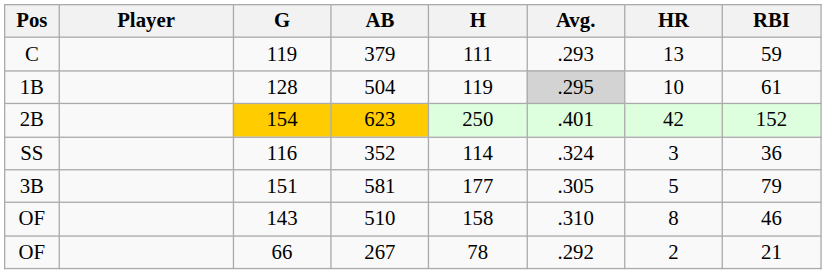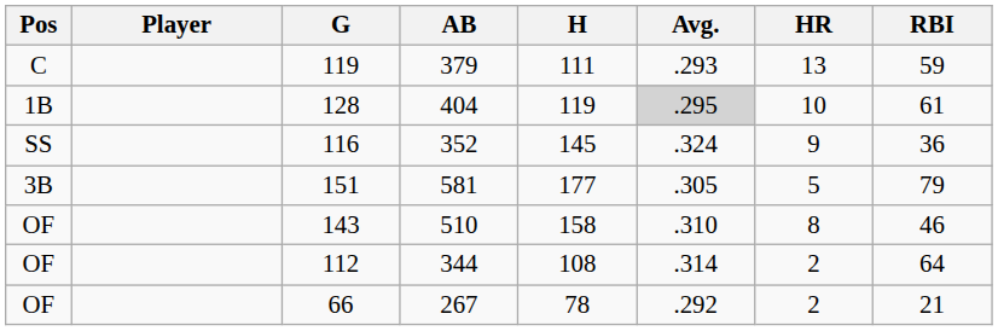 <table class="wikitable sortable">
 <tr>
 <th bgcolor="#DDDDFF" width="5%">Pos</th>
 <th bgcolor="#DDDDFF" width="16%">Player</th>
 <th bgcolor="#DDDDFF" width="9%">G</th>
 <th bgcolor="#DDDDFF" width="9%">AB</th>
 <th bgcolor="#DDDDFF" width="9%">H</th>
 <th bgcolor="#DDDDFF" width="9%">Avg.</th>
 <th bgcolor="#DDDDFF" width="9%">HR</th>
 <th bgcolor="#DDDDFF" width="9%">RBI</th>
 </tr>
 <tr align="center">
 <td>C</td>
 <td></td>
 <td>119</td>
 <td>379</td>
 <td>111</td>
 <td>.293</td>
 <td>13</td>
 <td>59</td>
 </tr>
 <tr align="center">
 <td>1B</td>
 <td></td>
 <td>128</td>
-<td>504</td>
+<td>404</td>
 <td>119</td>
 <td style="background: lightgrey;">.295</td>
 <td>10</td>
 <td>61</td>
 </tr>
 <tr align="center">
-<td>2B</td>
-<td></td>
-<td style="background:#fc0;">154</td>
-<td style="background:#fc0;">623</td>
-<td style="background:#DDFFDD;">250</td>
-<td style="background:#DDFFDD;">.401</td>
-<td style="background:#DDFFDD;">42</td>
-<td style="background:#DDFFDD;">152</td>
-</tr>
-<tr align="center">
 <td>SS</td>
 <td></td>
 <td>116</td>
 <td>352</td>
-<td>114</td>
+<td>145</td>
 <td>.324</td>
-<td>3</td>
+<td>9</td>
 <td>36</td>
 </tr>
 <tr align="center">
 <td>3B</td>
 <td></td>
 <td>151</td>
 <td>581</td>
 <td>177</td>
 <td>.305</td>
 <td>5</td>
 <td>79</td>
 </tr>
 <tr align="center">
 <td>OF</td>
 <td></td>
 <td>143</td>
 <td>510</td>
 <td>158</td>
 <td>.310</td>
 <td>8</td>
 <td>46</td>
 </tr>
 <tr align="center">
 <td>OF</td>
 <td></td>
+<td>112</td>
+<td>344</td>
+<td>108</td>
+<td>.314</td>
+<td>2</td>
+<td>64</td>
+</tr>
+<tr align="center">
+<td>OF</td>
+<td></td>
 <td>66</td>
 <td>267</td>
 <td>78</td>
 <td>.292</td>
 <td>2</td>
 <td>21</td>
 </tr>
 </table>
